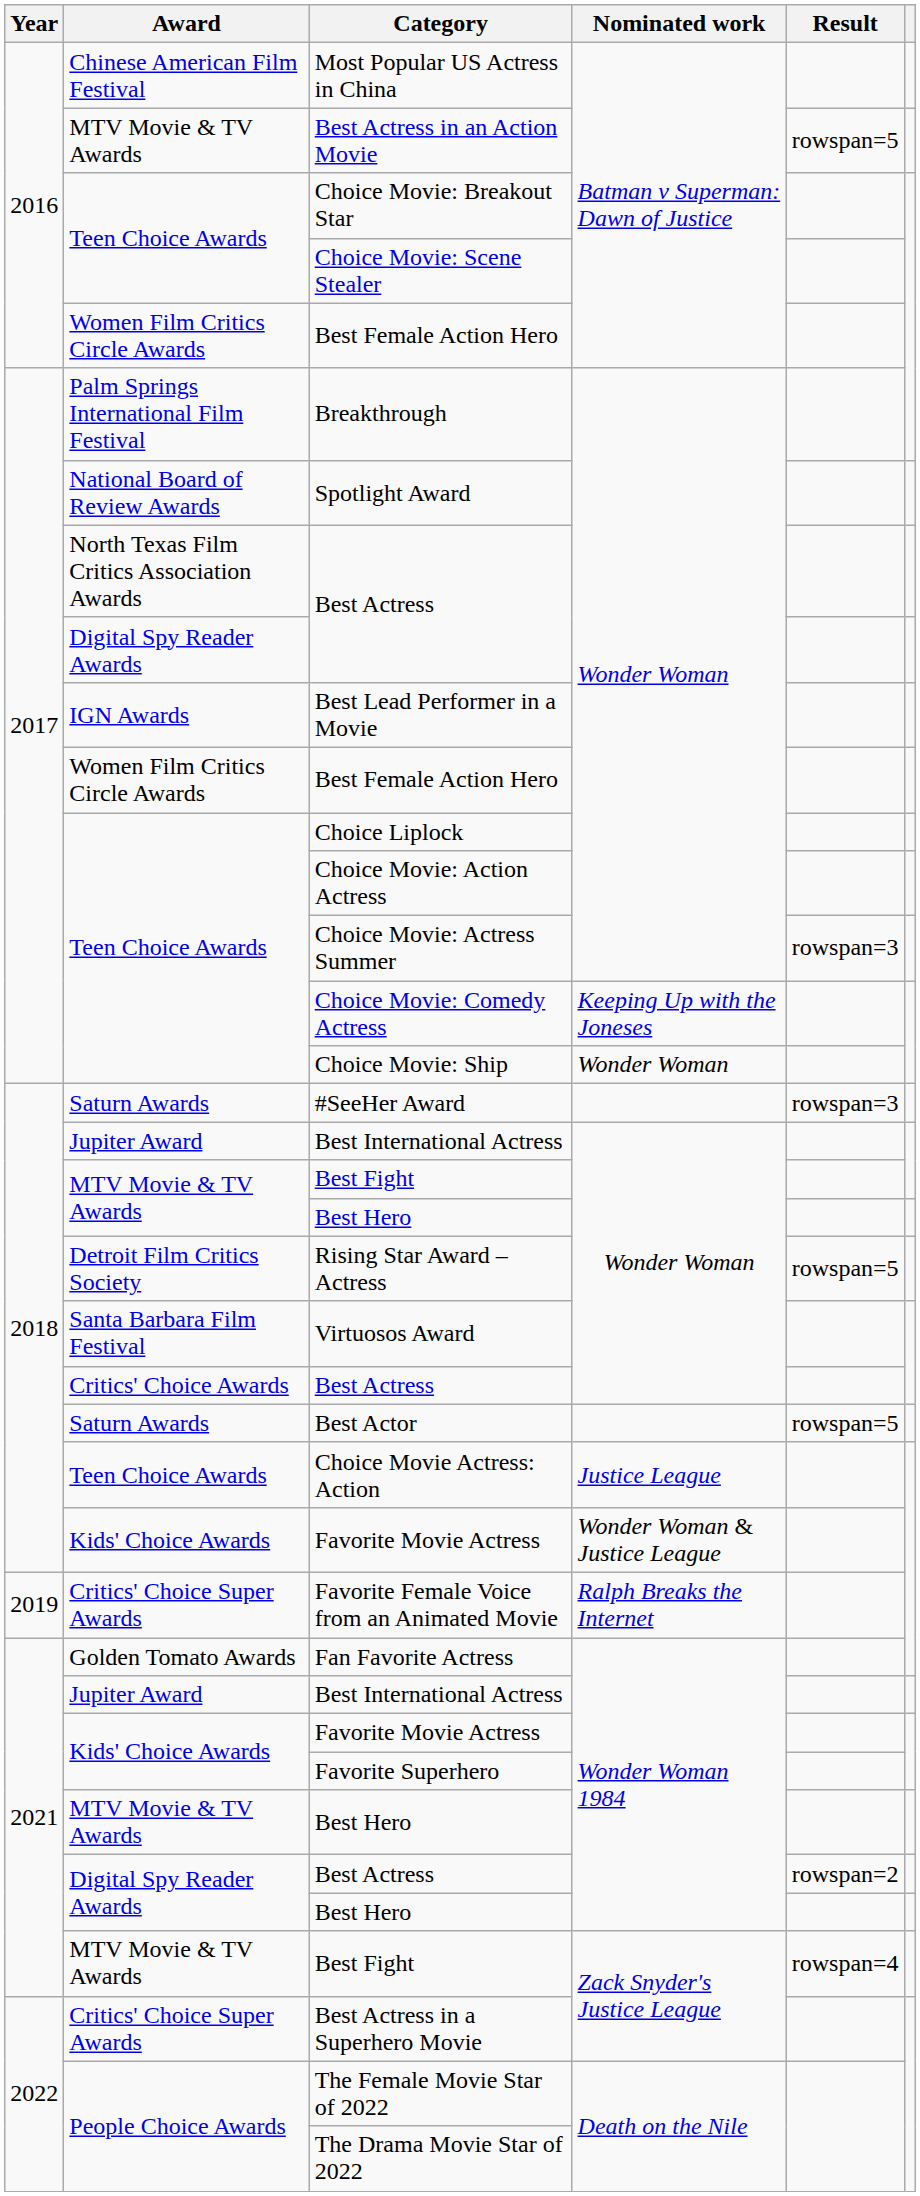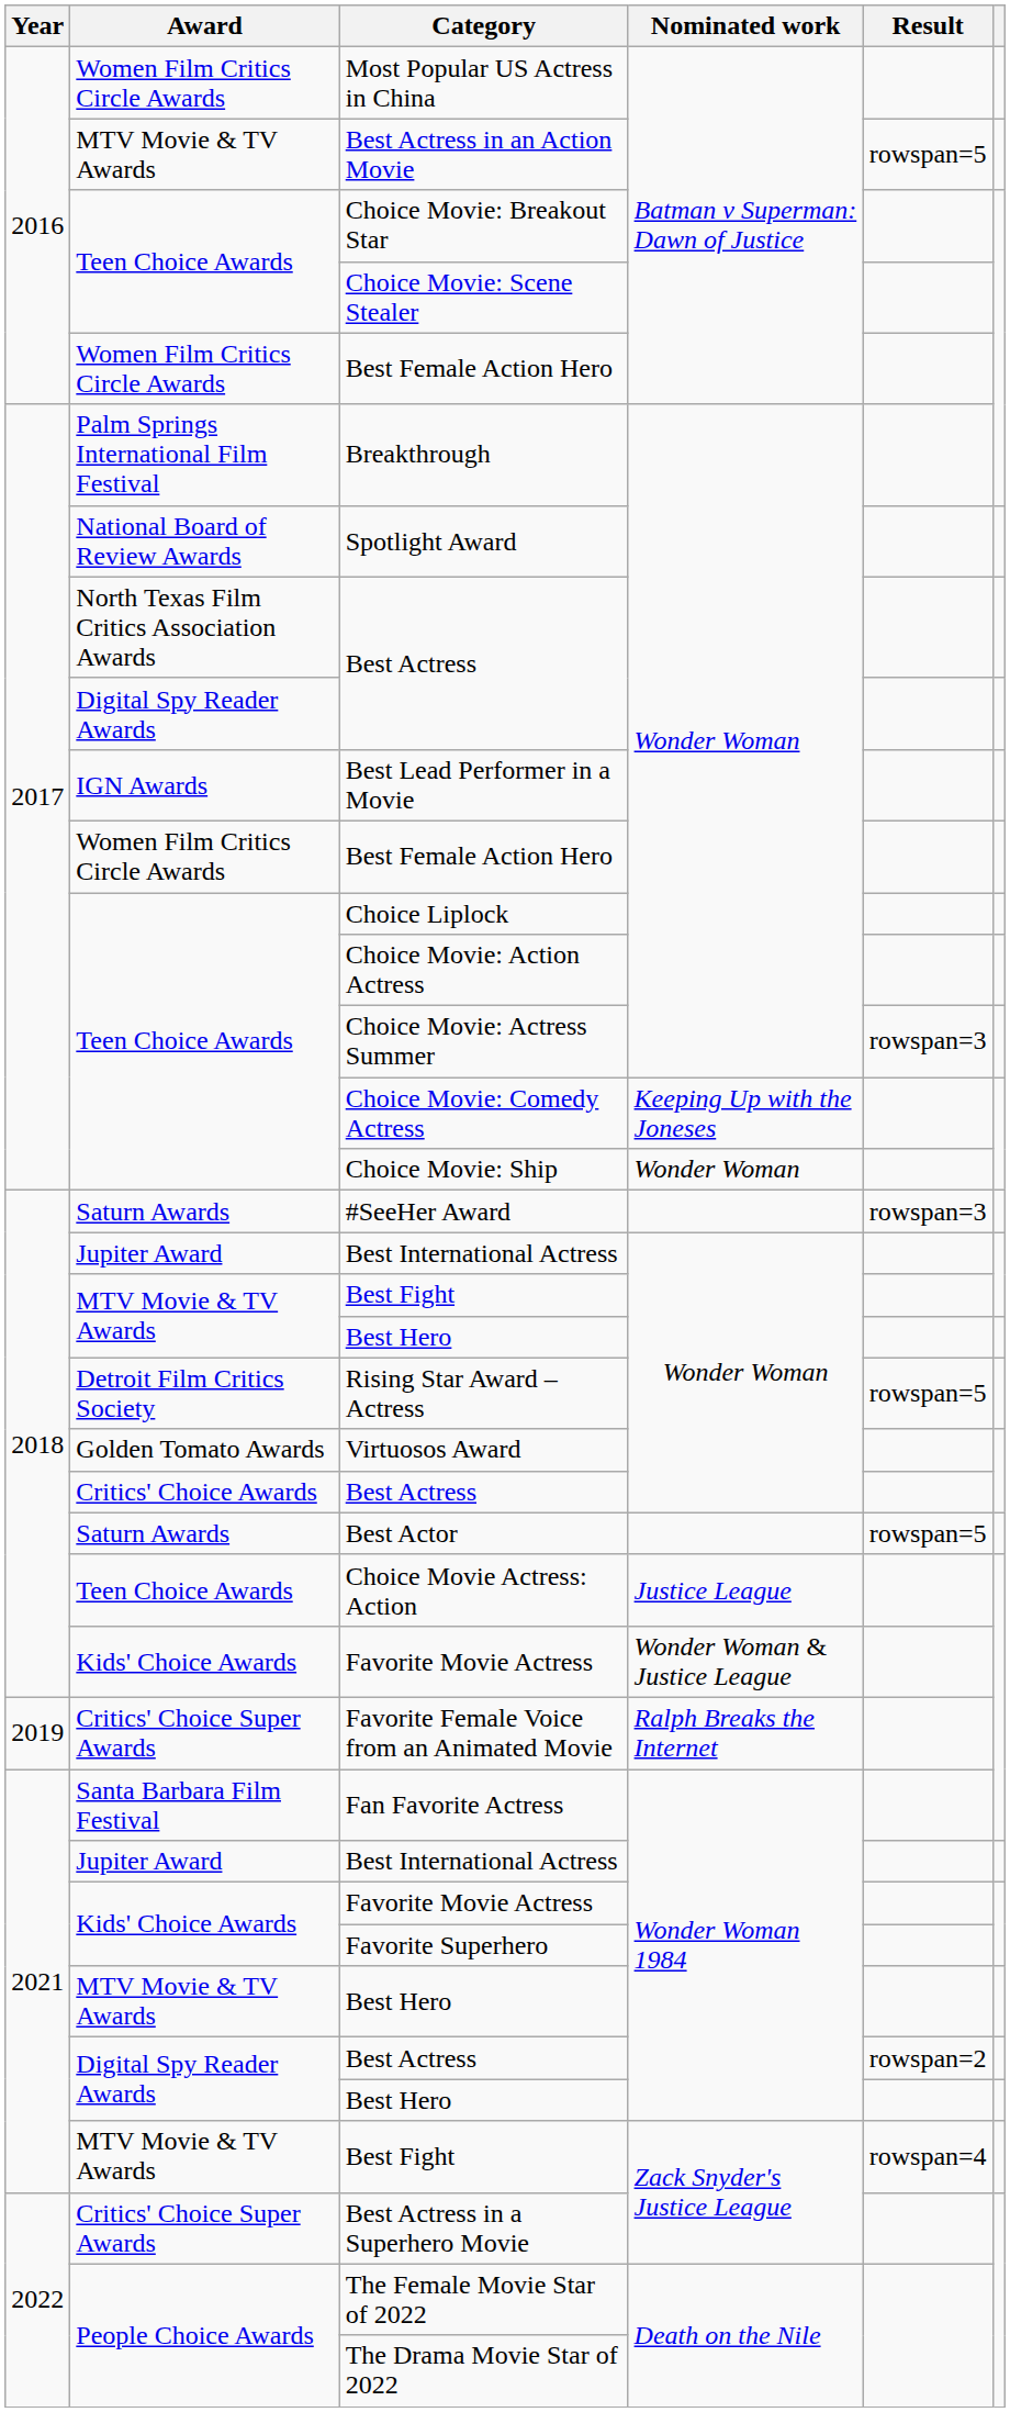 <table class="wikitable sortable">
 <tr>
 <th>Year</th>
 <th>Award</th>
 <th>Category</th>
 <th>Nominated work</th>
 <th>Result</th>
 <th class=unsortable></th>
 </tr>
 <tr>
 <td rowspan=5>2016</td>
-<td><a href='#'>Chinese American Film Festival</a></td>
+<td><a href='#'>Women Film Critics Circle Awards</a></td>
 <td>Most Popular US Actress in China</td>
 <td rowspan=5 style="text-align: left;"><em><a href='#'>Batman v Superman: Dawn of Justice</a></em></td>
 <td></td>
 <td style="text-align: center;"></td>
 </tr>
 <tr>
 <td>MTV Movie & TV Awards</td>
 <td><a href='#'>Best Actress in an Action Movie</a></td>
 <td>rowspan=5 </td>
 <td style="text-align: center;"></td>
 </tr>
 <tr>
 <td rowspan=2><a href='#'>Teen Choice Awards</a></td>
 <td>Choice Movie: Breakout Star</td>
 <td style="text-align: center;"></td>
 </tr>
 <tr>
 <td><a href='#'>Choice Movie: Scene Stealer</a></td>
 <td style="text-align: center;"></td>
 </tr>
 <tr>
 <td><a href='#'>Women Film Critics Circle Awards</a></td>
 <td>Best Female Action Hero</td>
 <td style="text-align: center;"></td>
 </tr>
 <tr>
 <td rowspan=11>2017</td>
 <td><a href='#'>Palm Springs International Film Festival</a></td>
 <td>Breakthrough</td>
 <td rowspan=9 style="text-align: left;"><em><a href='#'>Wonder Woman</a></em></td>
 <td style="text-align: center;"></td>
 </tr>
 <tr>
 <td><a href='#'>National Board of Review Awards</a></td>
 <td>Spotlight Award</td>
 <td></td>
 <td style="text-align: center;"></td>
 </tr>
 <tr>
 <td>North Texas Film Critics Association Awards</td>
 <td rowspan=2>Best Actress</td>
 <td></td>
 <td></td>
 </tr>
 <tr>
 <td><a href='#'>Digital Spy Reader Awards</a></td>
 <td></td>
 <td></td>
 </tr>
 <tr>
 <td><a href='#'>IGN Awards</a></td>
 <td>Best Lead Performer in a Movie</td>
 <td></td>
 <td></td>
 </tr>
 <tr>
 <td>Women Film Critics Circle Awards</td>
 <td>Best Female Action Hero</td>
 <td></td>
 <td></td>
 </tr>
 <tr>
 <td rowspan=5><a href='#'>Teen Choice Awards</a></td>
 <td>Choice Liplock </td>
 <td></td>
 <td style="text-align: center;"></td>
 </tr>
 <tr>
 <td>Choice Movie: Action Actress</td>
 <td></td>
 <td style="text-align: center;"></td>
 </tr>
 <tr>
 <td>Choice Movie: Actress Summer</td>
 <td>rowspan=3 </td>
 <td style="text-align: center;"></td>
 </tr>
 <tr>
 <td><a href='#'>Choice Movie: Comedy Actress</a></td>
 <td style="text-align: left;"><em><a href='#'>Keeping Up with the Joneses</a></em></td>
 <td style="text-align: center;"></td>
 </tr>
 <tr>
 <td>Choice Movie: Ship </td>
 <td style="text-align: left;"><em>Wonder Woman</em></td>
 <td style="text-align: center;"></td>
 </tr>
 <tr>
 <td rowspan=10>2018</td>
 <td><a href='#'>Saturn Awards</a></td>
 <td>#SeeHer Award</td>
 <td></td>
 <td>rowspan=3 </td>
 <td style="text-align: center;"></td>
 </tr>
 <tr>
 <td><a href='#'>Jupiter Award</a></td>
 <td>Best International Actress</td>
 <td rowspan=6 style="text-align: center;"><em>Wonder Woman</em></td>
 <td style="text-align: center;"></td>
 </tr>
 <tr>
 <td rowspan=2><a href='#'>MTV Movie & TV Awards</a></td>
 <td><a href='#'>Best Fight</a> </td>
 <td style="text-align: center;"></td>
 </tr>
 <tr>
 <td><a href='#'>Best Hero</a></td>
 <td></td>
 <td style="text-align: center;"></td>
 </tr>
 <tr>
 <td><a href='#'>Detroit Film Critics Society</a></td>
 <td>Rising Star Award – Actress</td>
 <td>rowspan=5 </td>
 <td style="text-align: center;"></td>
 </tr>
 <tr>
-<td><a href='#'>Santa Barbara Film Festival</a></td>
+<td>Golden Tomato Awards</td>
 <td>Virtuosos Award</td>
 <td style="text-align: center;"></td>
 </tr>
 <tr>
 <td><a href='#'>Critics' Choice Awards</a></td>
 <td><a href='#'>Best Actress</a></td>
 <td style="text-align: center;"></td>
 </tr>
 <tr>
 <td><a href='#'>Saturn Awards</a></td>
 <td>Best Actor</td>
 <td></td>
 <td>rowspan=5 </td>
 <td style="text-align: center;"></td>
 </tr>
 <tr>
 <td><a href='#'>Teen Choice Awards</a></td>
 <td>Choice Movie Actress: Action</td>
 <td style="text-align: left;"><em><a href='#'>Justice League</a></em></td>
 <td style="text-align: center;"></td>
 </tr>
 <tr>
 <td><a href='#'>Kids' Choice Awards</a></td>
 <td>Favorite Movie Actress</td>
 <td style="text-align: left;"><em>Wonder Woman</em> & <em>Justice League</em></td>
 <td style="text-align: center;"></td>
 </tr>
 <tr>
 <td>2019</td>
 <td><a href='#'>Critics' Choice Super Awards</a></td>
 <td>Favorite Female Voice from an Animated Movie</td>
 <td style="text-align: left;"><em><a href='#'>Ralph Breaks the Internet</a></em></td>
 <td style="text-align: center;"></td>
 </tr>
 <tr>
 <td rowspan="8">2021</td>
-<td>Golden Tomato Awards</td>
+<td><a href='#'>Santa Barbara Film Festival</a></td>
 <td>Fan Favorite Actress</td>
 <td rowspan="7"><em><a href='#'>Wonder Woman 1984</a></em></td>
 <td></td>
 </tr>
 <tr>
 <td><a href='#'>Jupiter Award</a></td>
 <td>Best International Actress</td>
 <td></td>
 <td></td>
 </tr>
 <tr>
 <td rowspan=2><a href='#'>Kids' Choice Awards</a></td>
 <td>Favorite Movie Actress</td>
 <td></td>
 <td rowspan=2 style="text-align:center;"></td>
 </tr>
 <tr>
 <td>Favorite Superhero</td>
 <td></td>
 </tr>
 <tr>
 <td><a href='#'>MTV Movie & TV Awards</a></td>
 <td>Best Hero</td>
 <td></td>
 <td></td>
 </tr>
 <tr>
 <td rowspan=2><a href='#'>Digital Spy Reader Awards</a></td>
 <td>Best Actress</td>
 <td>rowspan=2 </td>
 <td></td>
 </tr>
 <tr>
 <td>Best Hero</td>
 <td></td>
 </tr>
 <tr scope="row"| MTV Movie & TV Awards>
 <td>MTV Movie & TV Awards</td>
 <td>Best Fight </td>
 <td rowspan=2><em><a href='#'>Zack Snyder's Justice League</a></em></td>
 <td>rowspan=4 </td>
 <td style="text-align:center;"></td>
 </tr>
 <tr>
 <td rowspan=3>2022</td>
 <td><a href='#'>Critics' Choice Super Awards</a></td>
 <td>Best Actress in a Superhero Movie</td>
 <td style="text-align:center;"></td>
 </tr>
 <tr>
 <td rowspan=2><a href='#'>People Choice Awards</a></td>
 <td>The Female Movie Star of 2022</td>
 <td rowspan=2><em><a href='#'>Death on the Nile</a></em></td>
 <td rowspan=2 style="text-align:center;"></td>
 </tr>
 <tr>
 <td>The Drama Movie Star of 2022</td>
 </tr>
 </table>
